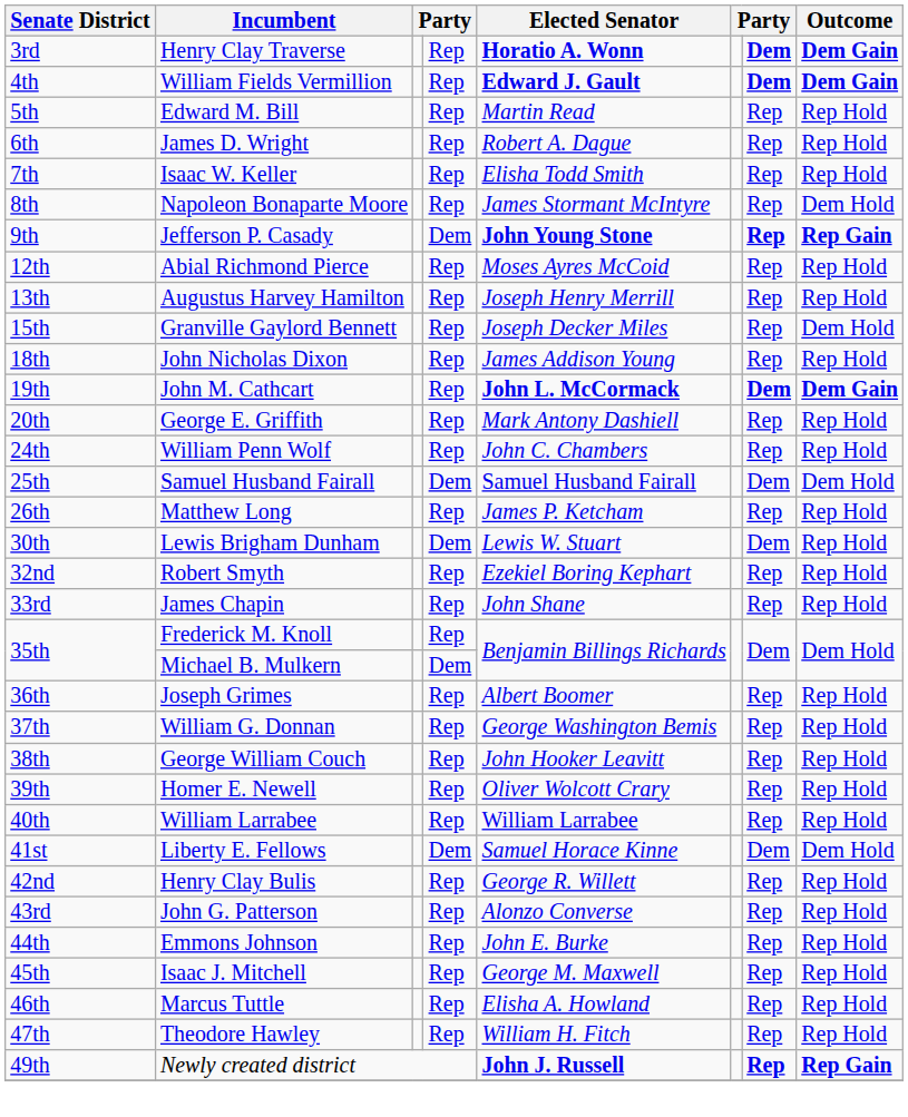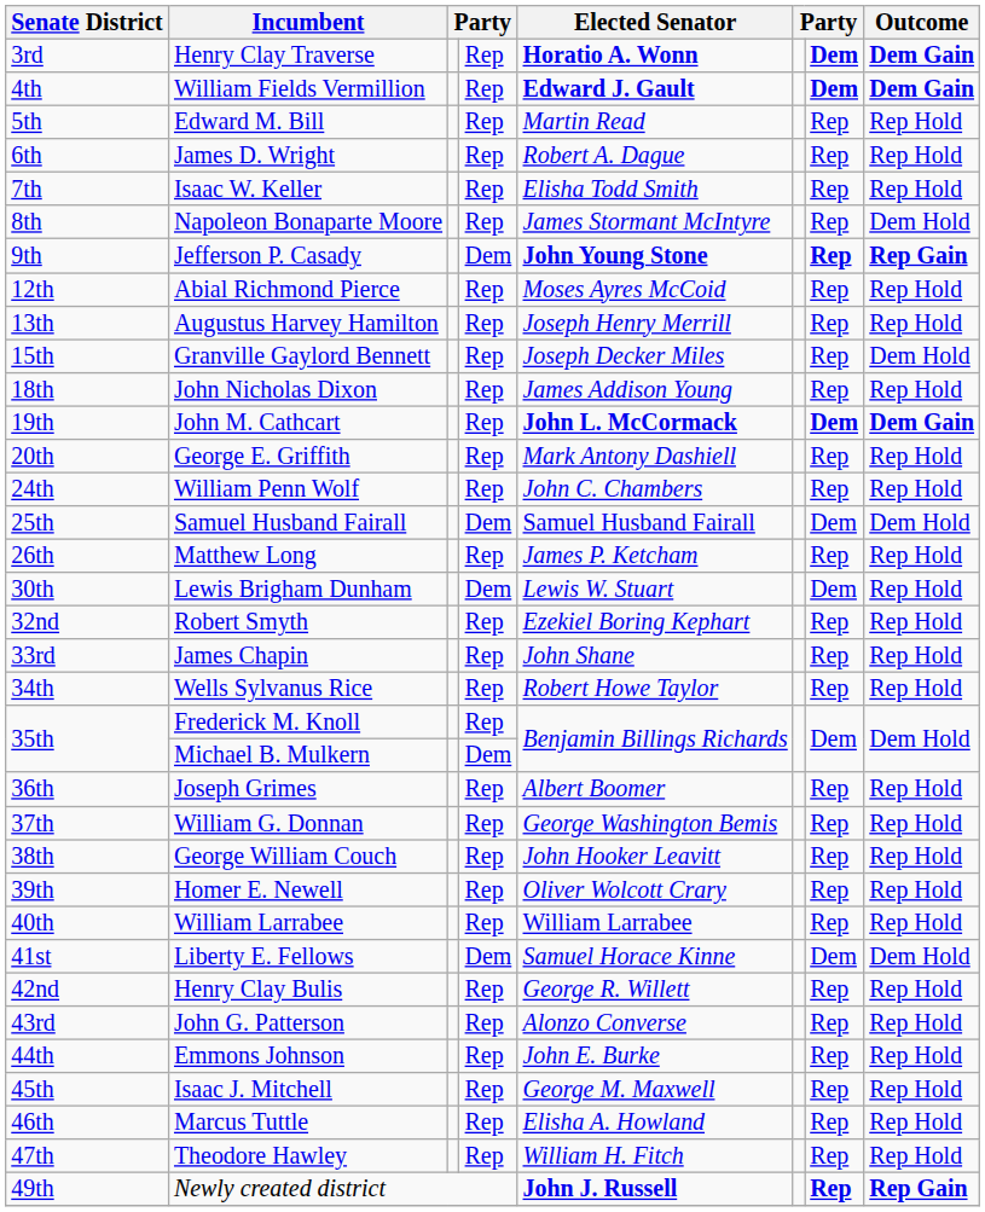 <table class="sortable wikitable" style="font-size:95%;line-height:14px;">
 <tr>
 <th class="sortable"><a href='#'>Senate</a> District</th>
 <th class="sortable"><a href='#'>Incumbent</a></th>
 <th colspan="2">Party</th>
 <th class="sortable">Elected Senator</th>
 <th colspan="2">Party</th>
 <th class="sortable">Outcome</th>
 </tr>
 <tr>
 <td><a href='#'>3rd</a></td>
 <td><a href='#'>Henry Clay Traverse</a></td>
 <td style="background:"></td>
 <td><a href='#'>Rep</a></td>
 <td><strong><a href='#'>Horatio A. Wonn</a></strong></td>
 <td style="background:"></td>
 <td><strong><a href='#'>Dem</a></strong></td>
 <td><strong><a href='#'>Dem Gain</a></strong></td>
 </tr>
 <tr>
 <td><a href='#'>4th</a></td>
 <td><a href='#'>William Fields Vermillion</a></td>
 <td style="background:"></td>
 <td><a href='#'>Rep</a></td>
 <td><strong><a href='#'>Edward J. Gault</a></strong></td>
 <td style="background:"></td>
 <td><strong><a href='#'>Dem</a></strong></td>
 <td><strong><a href='#'>Dem Gain</a></strong></td>
 </tr>
 <tr>
 <td><a href='#'>5th</a></td>
 <td><a href='#'>Edward M. Bill</a></td>
 <td style="background:"></td>
 <td><a href='#'>Rep</a></td>
 <td><em><a href='#'>Martin Read</a></em></td>
 <td style="background:"></td>
 <td><a href='#'>Rep</a></td>
 <td><a href='#'>Rep Hold</a></td>
 </tr>
 <tr>
 <td><a href='#'>6th</a></td>
 <td><a href='#'>James D. Wright</a></td>
 <td style="background:"></td>
 <td><a href='#'>Rep</a></td>
 <td><em><a href='#'>Robert A. Dague</a></em></td>
 <td style="background:"></td>
 <td><a href='#'>Rep</a></td>
 <td><a href='#'>Rep Hold</a></td>
 </tr>
 <tr>
 <td><a href='#'>7th</a></td>
 <td><a href='#'>Isaac W. Keller</a></td>
 <td style="background:"></td>
 <td><a href='#'>Rep</a></td>
 <td><em><a href='#'>Elisha Todd Smith</a></em></td>
 <td style="background:"></td>
 <td><a href='#'>Rep</a></td>
 <td><a href='#'>Rep Hold</a></td>
 </tr>
 <tr>
 <td><a href='#'>8th</a></td>
 <td><a href='#'>Napoleon Bonaparte Moore</a></td>
 <td style="background:"></td>
 <td><a href='#'>Rep</a></td>
 <td><em><a href='#'>James Stormant McIntyre</a></em></td>
 <td style="background:"></td>
 <td><a href='#'>Rep</a></td>
 <td><a href='#'>Dem Hold</a></td>
 </tr>
 <tr>
 <td><a href='#'>9th</a></td>
 <td><a href='#'>Jefferson P. Casady</a></td>
 <td style="background:"></td>
 <td><a href='#'>Dem</a></td>
 <td><strong><a href='#'>John Young Stone</a></strong></td>
 <td style="background:"></td>
 <td><strong><a href='#'>Rep</a></strong></td>
 <td><strong><a href='#'>Rep Gain</a></strong></td>
 </tr>
 <tr>
 <td><a href='#'>12th</a></td>
 <td><a href='#'>Abial Richmond Pierce</a></td>
 <td style="background:"></td>
 <td><a href='#'>Rep</a></td>
 <td><em><a href='#'>Moses Ayres McCoid</a></em></td>
 <td style="background:"></td>
 <td><a href='#'>Rep</a></td>
 <td><a href='#'>Rep Hold</a></td>
 </tr>
 <tr>
 <td><a href='#'>13th</a></td>
 <td><a href='#'>Augustus Harvey Hamilton</a></td>
 <td style="background:"></td>
 <td><a href='#'>Rep</a></td>
 <td><em><a href='#'>Joseph Henry Merrill</a></em></td>
 <td style="background:"></td>
 <td><a href='#'>Rep</a></td>
 <td><a href='#'>Rep Hold</a></td>
 </tr>
 <tr>
 <td><a href='#'>15th</a></td>
 <td><a href='#'>Granville Gaylord Bennett</a></td>
 <td style="background:"></td>
 <td><a href='#'>Rep</a></td>
 <td><em><a href='#'>Joseph Decker Miles</a></em></td>
 <td style="background:"></td>
 <td><a href='#'>Rep</a></td>
 <td><a href='#'>Dem Hold</a></td>
 </tr>
 <tr>
 <td><a href='#'>18th</a></td>
 <td><a href='#'>John Nicholas Dixon</a></td>
 <td style="background:"></td>
 <td><a href='#'>Rep</a></td>
 <td><em><a href='#'>James Addison Young</a></em></td>
 <td style="background:"></td>
 <td><a href='#'>Rep</a></td>
 <td><a href='#'>Rep Hold</a></td>
 </tr>
 <tr>
 <td><a href='#'>19th</a></td>
 <td><a href='#'>John M. Cathcart</a></td>
 <td style="background:"></td>
 <td><a href='#'>Rep</a></td>
 <td><strong><a href='#'>John L. McCormack</a></strong></td>
 <td style="background:"></td>
 <td><strong><a href='#'>Dem</a></strong></td>
 <td><strong><a href='#'>Dem Gain</a></strong></td>
 </tr>
 <tr>
 <td><a href='#'>20th</a></td>
 <td><a href='#'>George E. Griffith</a></td>
 <td style="background:"></td>
 <td><a href='#'>Rep</a></td>
 <td><em><a href='#'>Mark Antony Dashiell</a></em></td>
 <td style="background:"></td>
 <td><a href='#'>Rep</a></td>
 <td><a href='#'>Rep Hold</a></td>
 </tr>
 <tr>
 <td><a href='#'>24th</a></td>
 <td><a href='#'>William Penn Wolf</a></td>
 <td style="background:"></td>
 <td><a href='#'>Rep</a></td>
 <td><em><a href='#'>John C. Chambers</a></em></td>
 <td style="background:"></td>
 <td><a href='#'>Rep</a></td>
 <td><a href='#'>Rep Hold</a></td>
 </tr>
 <tr>
 <td><a href='#'>25th</a></td>
 <td><a href='#'>Samuel Husband Fairall</a></td>
 <td style="background:"></td>
 <td><a href='#'>Dem</a></td>
 <td><a href='#'>Samuel Husband Fairall</a></td>
 <td style="background:"></td>
 <td><a href='#'>Dem</a></td>
 <td><a href='#'>Dem Hold</a></td>
 </tr>
 <tr>
 <td><a href='#'>26th</a></td>
 <td><a href='#'>Matthew Long</a></td>
 <td style="background:"></td>
 <td><a href='#'>Rep</a></td>
 <td><em><a href='#'>James P. Ketcham</a></em></td>
 <td style="background:"></td>
 <td><a href='#'>Rep</a></td>
 <td><a href='#'>Rep Hold</a></td>
 </tr>
 <tr>
 <td><a href='#'>30th</a></td>
 <td><a href='#'>Lewis Brigham Dunham</a></td>
 <td style="background:"></td>
 <td><a href='#'>Dem</a></td>
 <td><em><a href='#'>Lewis W. Stuart</a></em></td>
 <td style="background:"></td>
 <td><a href='#'>Dem</a></td>
 <td><a href='#'>Rep Hold</a></td>
 </tr>
 <tr>
 <td><a href='#'>32nd</a></td>
 <td><a href='#'>Robert Smyth</a></td>
 <td style="background:"></td>
 <td><a href='#'>Rep</a></td>
 <td><em><a href='#'>Ezekiel Boring Kephart</a></em></td>
 <td style="background:"></td>
 <td><a href='#'>Rep</a></td>
 <td><a href='#'>Rep Hold</a></td>
 </tr>
 <tr>
 <td><a href='#'>33rd</a></td>
 <td><a href='#'>James Chapin</a></td>
 <td style="background:"></td>
 <td><a href='#'>Rep</a></td>
 <td><em><a href='#'>John Shane</a></em></td>
 <td style="background:"></td>
 <td><a href='#'>Rep</a></td>
 <td><a href='#'>Rep Hold</a></td>
 </tr>
 <tr>
+<td><a href='#'>34th</a></td>
+<td><a href='#'>Wells Sylvanus Rice</a></td>
+<td style="background:"></td>
+<td><a href='#'>Rep</a></td>
+<td><em><a href='#'>Robert Howe Taylor</a></em></td>
+<td style="background:"></td>
+<td><a href='#'>Rep</a></td>
+<td><a href='#'>Rep Hold</a></td>
+</tr>
+<tr>
 <td rowspan="2"><a href='#'>35th</a></td>
 <td><a href='#'>Frederick M. Knoll</a></td>
 <td style="background:"></td>
 <td><a href='#'>Rep</a></td>
 <td rowspan="2"><em><a href='#'>Benjamin Billings Richards</a></em></td>
 <td rowspan="2" style="background:"></td>
 <td rowspan="2"><a href='#'>Dem</a></td>
 <td rowspan="2"><a href='#'>Dem Hold</a></td>
 </tr>
 <tr>
 <td><a href='#'>Michael B. Mulkern</a></td>
 <td style="background:"></td>
 <td><a href='#'>Dem</a></td>
 </tr>
 <tr>
 <td><a href='#'>36th</a></td>
 <td><a href='#'>Joseph Grimes</a></td>
 <td style="background:"></td>
 <td><a href='#'>Rep</a></td>
 <td><em><a href='#'>Albert Boomer</a></em></td>
 <td style="background:"></td>
 <td><a href='#'>Rep</a></td>
 <td><a href='#'>Rep Hold</a></td>
 </tr>
 <tr>
 <td><a href='#'>37th</a></td>
 <td><a href='#'>William G. Donnan</a></td>
 <td style="background:"></td>
 <td><a href='#'>Rep</a></td>
 <td><em><a href='#'>George Washington Bemis</a></em></td>
 <td style="background:"></td>
 <td><a href='#'>Rep</a></td>
 <td><a href='#'>Rep Hold</a></td>
 </tr>
 <tr>
 <td><a href='#'>38th</a></td>
 <td><a href='#'>George William Couch</a></td>
 <td style="background:"></td>
 <td><a href='#'>Rep</a></td>
 <td><em><a href='#'>John Hooker Leavitt</a></em></td>
 <td style="background:"></td>
 <td><a href='#'>Rep</a></td>
 <td><a href='#'>Rep Hold</a></td>
 </tr>
 <tr>
 <td><a href='#'>39th</a></td>
 <td><a href='#'>Homer E. Newell</a></td>
 <td style="background:"></td>
 <td><a href='#'>Rep</a></td>
 <td><em><a href='#'>Oliver Wolcott Crary</a></em></td>
 <td style="background:"></td>
 <td><a href='#'>Rep</a></td>
 <td><a href='#'>Rep Hold</a></td>
 </tr>
 <tr>
 <td><a href='#'>40th</a></td>
 <td><a href='#'>William Larrabee</a></td>
 <td style="background:"></td>
 <td><a href='#'>Rep</a></td>
 <td><a href='#'>William Larrabee</a></td>
 <td style="background:"></td>
 <td><a href='#'>Rep</a></td>
 <td><a href='#'>Rep Hold</a></td>
 </tr>
 <tr>
 <td><a href='#'>41st</a></td>
 <td><a href='#'>Liberty E. Fellows</a></td>
 <td style="background:"></td>
 <td><a href='#'>Dem</a></td>
 <td><em><a href='#'>Samuel Horace Kinne</a></em></td>
 <td style="background:"></td>
 <td><a href='#'>Dem</a></td>
 <td><a href='#'>Dem Hold</a></td>
 </tr>
 <tr>
 <td><a href='#'>42nd</a></td>
 <td><a href='#'>Henry Clay Bulis</a></td>
 <td style="background:"></td>
 <td><a href='#'>Rep</a></td>
 <td><em><a href='#'>George R. Willett</a></em></td>
 <td style="background:"></td>
 <td><a href='#'>Rep</a></td>
 <td><a href='#'>Rep Hold</a></td>
 </tr>
 <tr>
 <td><a href='#'>43rd</a></td>
 <td><a href='#'>John G. Patterson</a></td>
 <td style="background:"></td>
 <td><a href='#'>Rep</a></td>
 <td><em><a href='#'>Alonzo Converse</a></em></td>
 <td style="background:"></td>
 <td><a href='#'>Rep</a></td>
 <td><a href='#'>Rep Hold</a></td>
 </tr>
 <tr>
 <td><a href='#'>44th</a></td>
 <td><a href='#'>Emmons Johnson</a></td>
 <td style="background:"></td>
 <td><a href='#'>Rep</a></td>
 <td><em><a href='#'>John E. Burke</a></em></td>
 <td style="background:"></td>
 <td><a href='#'>Rep</a></td>
 <td><a href='#'>Rep Hold</a></td>
 </tr>
 <tr>
 <td><a href='#'>45th</a></td>
 <td><a href='#'>Isaac J. Mitchell</a></td>
 <td style="background:"></td>
 <td><a href='#'>Rep</a></td>
 <td><em><a href='#'>George M. Maxwell</a></em></td>
 <td style="background:"></td>
 <td><a href='#'>Rep</a></td>
 <td><a href='#'>Rep Hold</a></td>
 </tr>
 <tr>
 <td><a href='#'>46th</a></td>
 <td><a href='#'>Marcus Tuttle</a></td>
 <td style="background:"></td>
 <td><a href='#'>Rep</a></td>
 <td><em><a href='#'>Elisha A. Howland</a></em></td>
 <td style="background:"></td>
 <td><a href='#'>Rep</a></td>
 <td><a href='#'>Rep Hold</a></td>
 </tr>
 <tr>
 <td><a href='#'>47th</a></td>
 <td><a href='#'>Theodore Hawley</a></td>
 <td style="background:"></td>
 <td><a href='#'>Rep</a></td>
 <td><em><a href='#'>William H. Fitch</a></em></td>
 <td style="background:"></td>
 <td><a href='#'>Rep</a></td>
 <td><a href='#'>Rep Hold</a></td>
 </tr>
 <tr>
 <td><a href='#'>49th</a></td>
 <td colspan="3" ><em>Newly created district</em></td>
 <td><strong><a href='#'>John J. Russell</a></strong></td>
 <td style="background:"></td>
 <td><strong><a href='#'>Rep</a></strong></td>
 <td><strong><a href='#'>Rep Gain</a></strong></td>
 </tr>
 <tr>
 </tr>
 </table>
